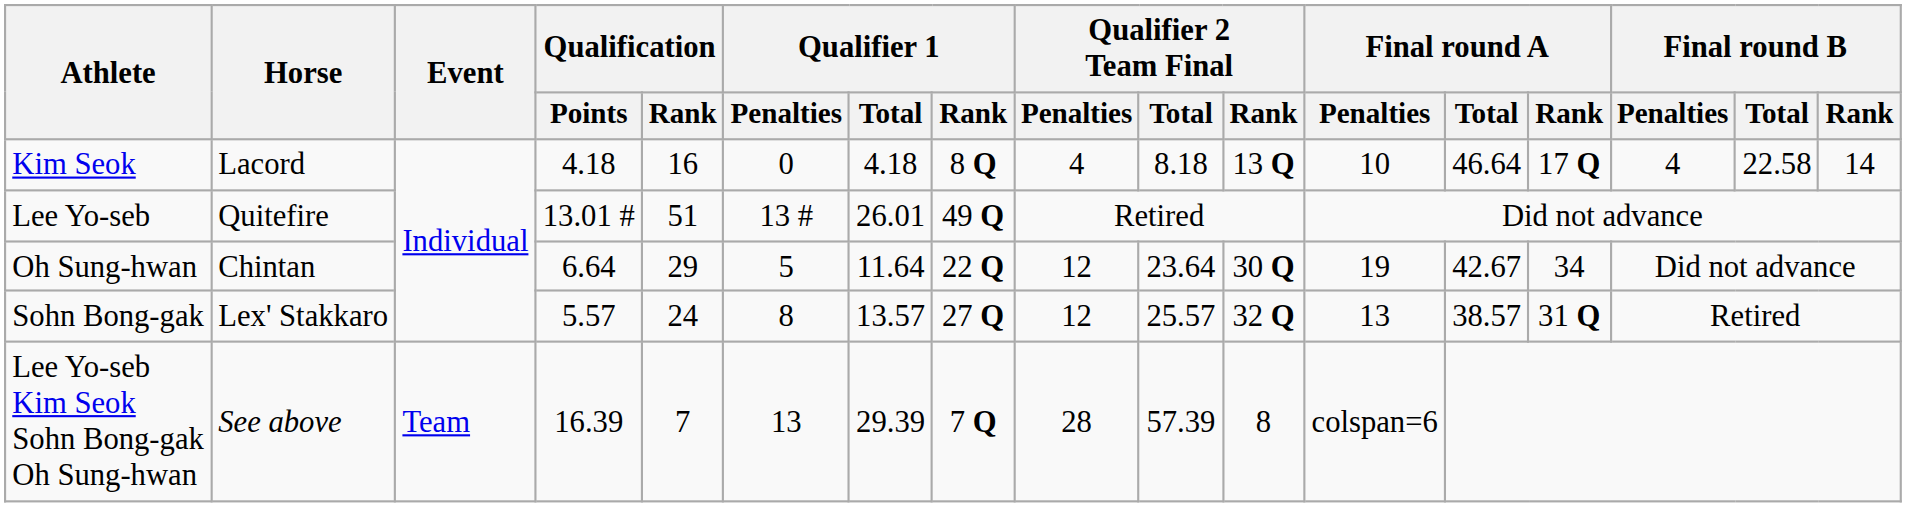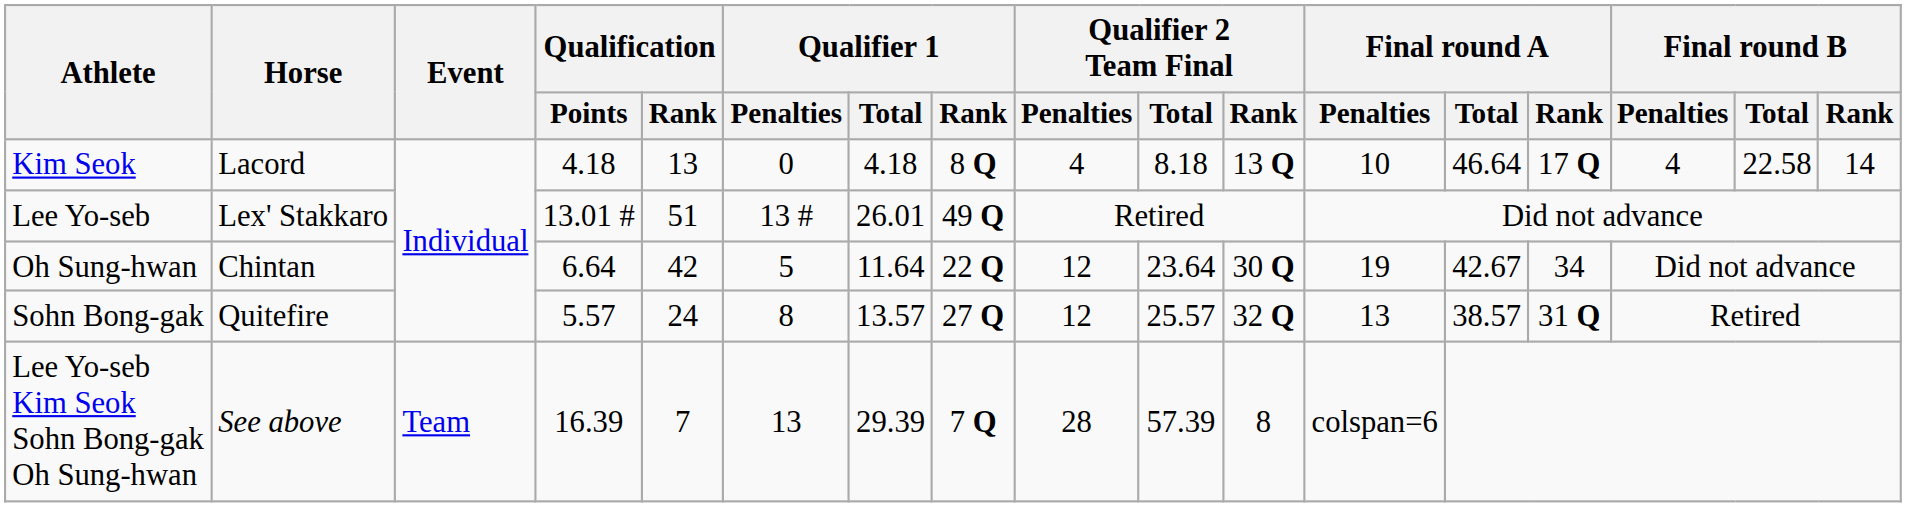 <table class=wikitable style=font-size:90%;text-align:center>
 <tr>
 <th rowspan=2>Athlete</th>
 <th rowspan=2>Horse</th>
 <th rowspan=2>Event</th>
 <th colspan=2>Qualification</th>
 <th colspan=3>Qualifier 1</th>
 <th colspan=3>Qualifier 2<br>Team Final</th>
 <th colspan=3>Final round A</th>
 <th colspan=3>Final round B</th>
 </tr>
 <tr style="font-size:95%">
 <th>Points</th>
 <th>Rank</th>
 <th>Penalties</th>
 <th>Total</th>
 <th>Rank</th>
 <th>Penalties</th>
 <th>Total</th>
 <th>Rank</th>
 <th>Penalties</th>
 <th>Total</th>
 <th>Rank</th>
 <th>Penalties</th>
 <th>Total</th>
 <th>Rank</th>
 </tr>
 <tr>
 <td align=left><a href='#'>Kim Seok</a></td>
 <td align=left>Lacord</td>
 <td align=left rowspan=4><a href='#'>Individual</a></td>
 <td>4.18</td>
-<td>16</td>
+<td>13</td>
 <td>0</td>
 <td>4.18</td>
 <td>8 <strong>Q</strong></td>
 <td>4</td>
 <td>8.18</td>
 <td>13 <strong>Q</strong></td>
 <td>10</td>
 <td>46.64</td>
 <td>17 <strong>Q</strong></td>
 <td>4</td>
 <td>22.58</td>
 <td>14</td>
 </tr>
 <tr>
 <td align=left>Lee Yo-seb</td>
-<td align=left>Quitefire</td>
+<td align=left>Lex' Stakkaro</td>
 <td>13.01 #</td>
 <td>51</td>
 <td>13 #</td>
 <td>26.01</td>
 <td>49 <strong>Q</strong></td>
 <td colspan=3>Retired</td>
 <td colspan=6>Did not advance</td>
 </tr>
 <tr>
 <td align=left>Oh Sung-hwan</td>
 <td align=left>Chintan</td>
 <td>6.64</td>
-<td>29</td>
+<td>42</td>
 <td>5</td>
 <td>11.64</td>
 <td>22 <strong>Q</strong></td>
 <td>12</td>
 <td>23.64</td>
 <td>30 <strong>Q</strong></td>
 <td>19</td>
 <td>42.67</td>
 <td>34</td>
 <td colspan=3>Did not advance</td>
 </tr>
 <tr>
 <td align=left>Sohn Bong-gak</td>
-<td align=left>Lex' Stakkaro</td>
+<td align=left>Quitefire</td>
 <td>5.57</td>
 <td>24</td>
 <td>8</td>
 <td>13.57</td>
 <td>27 <strong>Q</strong></td>
 <td>12</td>
 <td>25.57</td>
 <td>32 <strong>Q</strong></td>
 <td>13</td>
 <td>38.57</td>
 <td>31 <strong>Q</strong></td>
 <td colspan=3>Retired</td>
 </tr>
 <tr>
 <td align=left>Lee Yo-seb<br><a href='#'>Kim Seok</a><br>Sohn Bong-gak<br>Oh Sung-hwan</td>
 <td align=left><em>See above</em></td>
 <td align=left><a href='#'>Team</a></td>
 <td>16.39</td>
 <td>7</td>
 <td>13</td>
 <td>29.39</td>
 <td>7 <strong>Q</strong></td>
 <td>28</td>
 <td>57.39</td>
 <td>8</td>
 <td>colspan=6 </td>
 </tr>
 </table>
